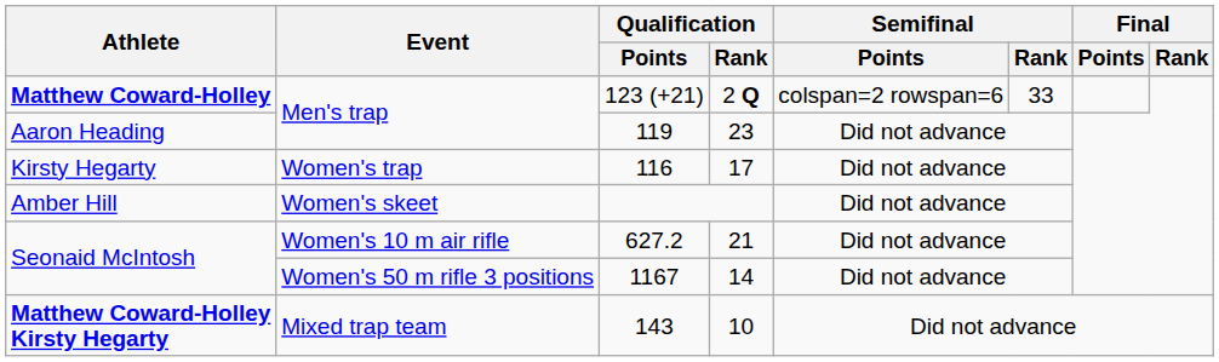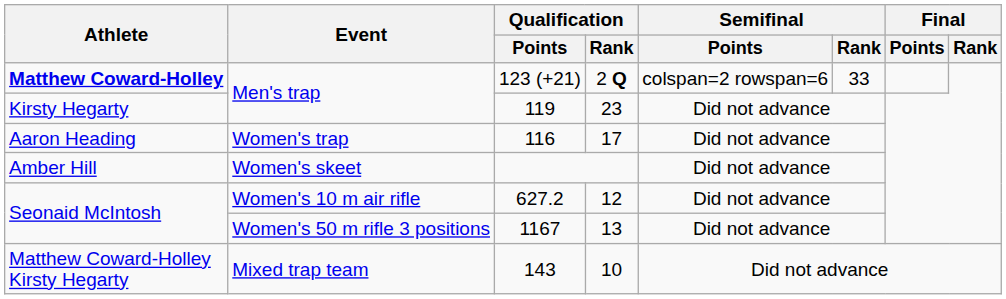 <table class=wikitable style=font-size:90%;text-align:center>
 <tr>
 <th rowspan=2>Athlete</th>
 <th rowspan=2>Event</th>
 <th colspan=2>Qualification</th>
 <th colspan=2>Semifinal</th>
 <th colspan=2>Final</th>
 </tr>
 <tr style=font-size:95%>
 <th>Points</th>
 <th>Rank</th>
 <th>Points</th>
 <th>Rank</th>
 <th>Points</th>
 <th>Rank</th>
 </tr>
 <tr>
 <td align=left><strong><a href='#'>Matthew Coward-Holley</a></strong></td>
 <td align=left rowspan=2><a href='#'>Men's trap</a></td>
 <td>123 (+21)</td>
 <td>2 <strong>Q</strong></td>
 <td>colspan=2 rowspan=6 </td>
 <td>33</td>
 <td></td>
 </tr>
 <tr>
-<td align=left><a href='#'>Aaron Heading</a></td>
+<td align=left><a href='#'>Kirsty Hegarty</a></td>
 <td>119</td>
 <td>23</td>
 <td colspan=2>Did not advance</td>
 </tr>
 <tr>
-<td align=left><a href='#'>Kirsty Hegarty</a></td>
+<td align=left><a href='#'>Aaron Heading</a></td>
 <td align=left><a href='#'>Women's trap</a></td>
 <td>116</td>
 <td>17</td>
 <td colspan=2>Did not advance</td>
 </tr>
 <tr>
 <td align=left><a href='#'>Amber Hill</a></td>
 <td align=left><a href='#'>Women's skeet</a></td>
 <td colspan=2></td>
 <td colspan=2>Did not advance</td>
 </tr>
 <tr>
 <td align=left rowspan=2><a href='#'>Seonaid McIntosh</a></td>
 <td align=left><a href='#'>Women's 10 m air rifle</a></td>
 <td>627.2</td>
-<td>21</td>
+<td>12</td>
 <td colspan="2">Did not advance</td>
 </tr>
 <tr>
 <td align=left><a href='#'>Women's 50 m rifle 3 positions</a></td>
 <td>1167</td>
-<td>14</td>
+<td>13</td>
 <td colspan=2>Did not advance</td>
 </tr>
 <tr>
-<td align=left><strong><a href='#'>Matthew Coward-Holley</a><br><a href='#'>Kirsty Hegarty</a></strong></td>
+<td align=left><a href='#'>Matthew Coward-Holley</a><br><a href='#'>Kirsty Hegarty</a></td>
 <td align=left><a href='#'>Mixed trap team</a></td>
 <td>143</td>
 <td>10</td>
 <td colspan=4>Did not advance</td>
 </tr>
 </table>
